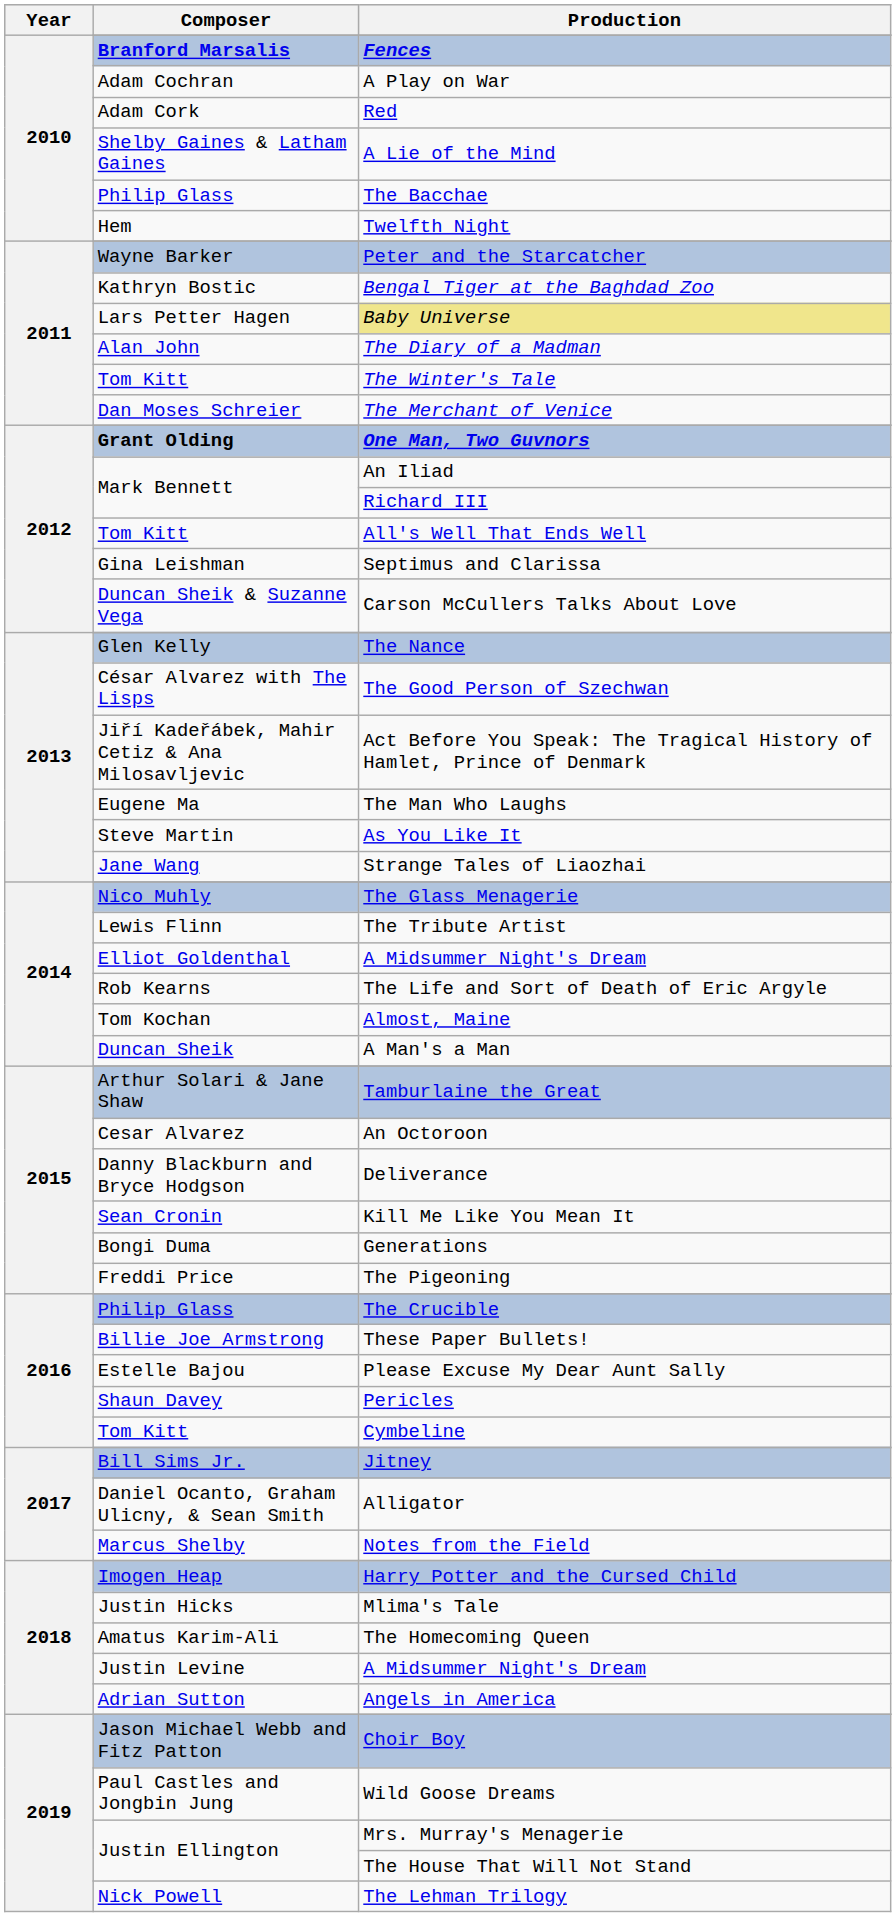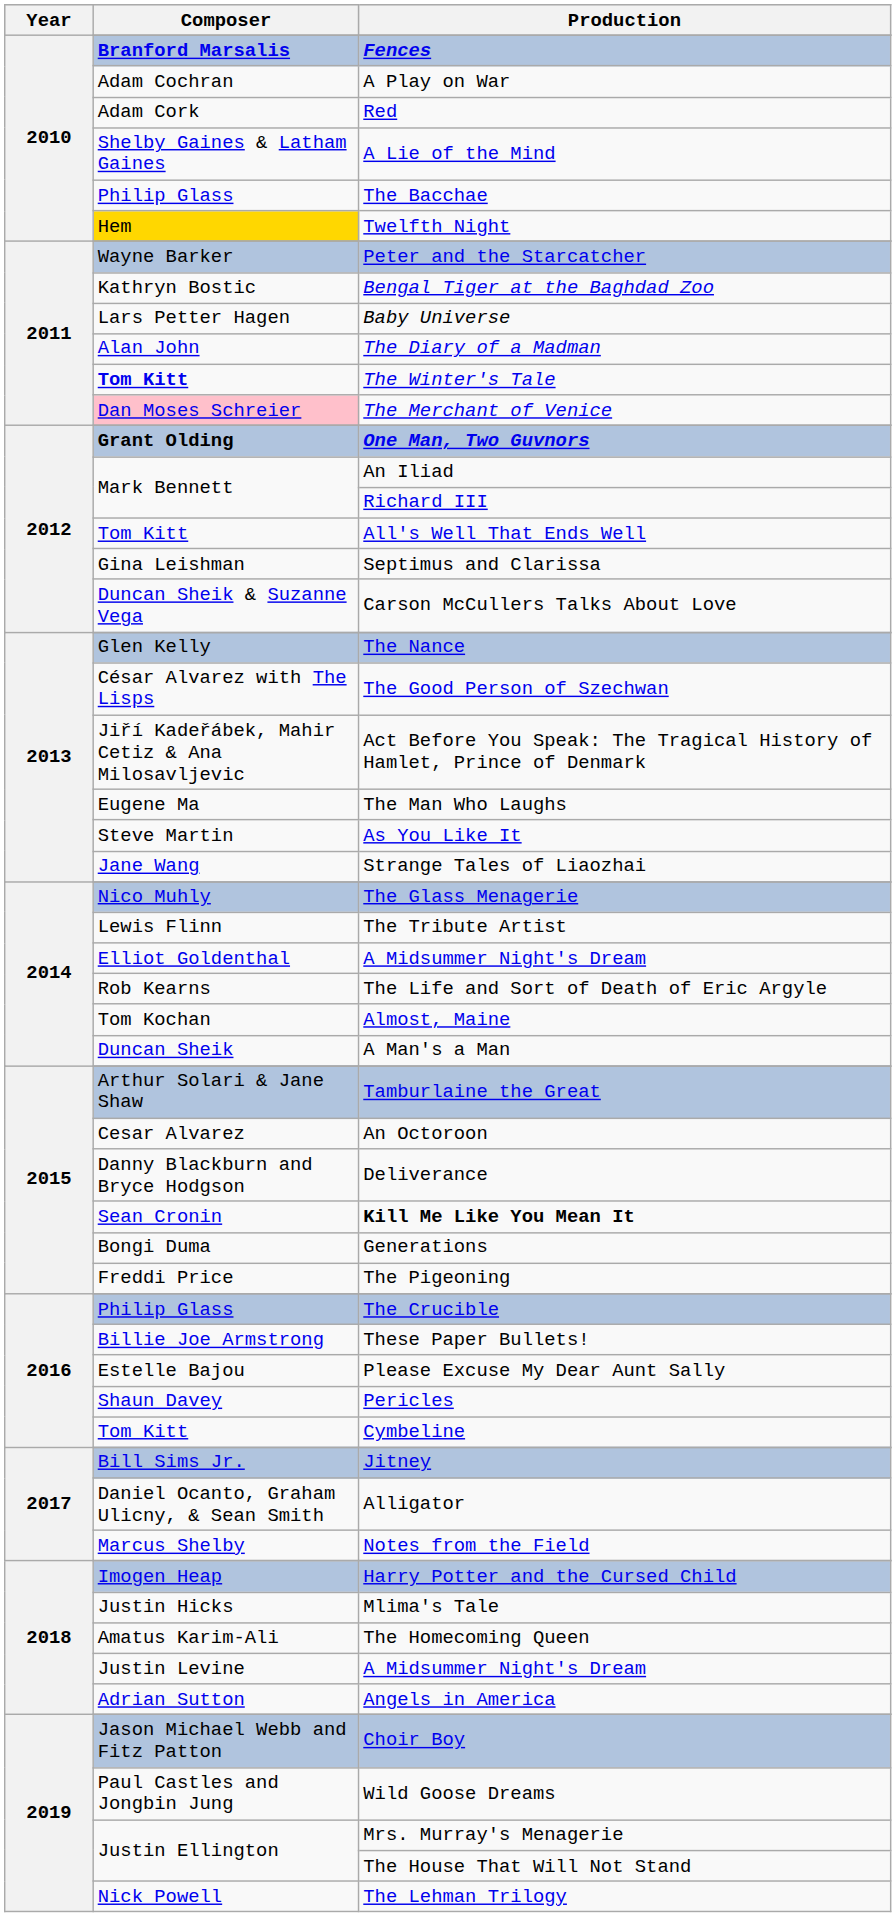 <table class="wikitable" style="width:98%;">
 <tr style="background:#bebebe;">
 <th style="width:10%;">Year</th>
 <th style="width:30%;">Composer</th>
 <th style="width:60%;">Production</th>
 </tr>
 <tr>
 <th rowspan="7">2010</th>
 </tr>
 <tr style="background:#B0C4DE">
 <td><strong><a href='#'>Branford Marsalis</a></strong></td>
 <td><strong><em><a href='#'>Fences</a><em> <strong></td>
 </tr>
 <tr>
 <td>Adam Cochran</td>
 <td></em>A Play on War<em></td>
 </tr>
 <tr>
 <td>Adam Cork</td>
 <td></em><a href='#'>Red</a><em></td>
 </tr>
 <tr>
 <td><a href='#'>Shelby Gaines</a> & <a href='#'>Latham Gaines</a></td>
 <td></em><a href='#'>A Lie of the Mind</a><em></td>
 </tr>
 <tr>
 <td><a href='#'>Philip Glass</a></td>
 <td></em><a href='#'>The Bacchae</a><em></td>
 </tr>
 <tr>
-<td>Hem</td>
+<td style="background: gold;">Hem</td>
 <td></em><a href='#'>Twelfth Night</a><em></td>
 </tr>
 <tr>
 <th rowspan="7">2011</th>
 </tr>
 <tr style="background:#B0C4DE">
 <td></strong>Wayne Barker<strong></td>
 <td></em></strong><a href='#'>Peter and the Starcatcher</a></em> </strong></td>
 </tr>
 <tr>
 <td>Kathryn Bostic</td>
 <td><em><a href='#'>Bengal Tiger at the Baghdad Zoo</a></em></td>
 </tr>
 <tr>
 <td>Lars Petter Hagen</td>
-<td style="background: khaki;"><em>Baby Universe</em></td>
+<td><em>Baby Universe</em></td>
 </tr>
 <tr>
 <td><a href='#'>Alan John</a></td>
 <td><em><a href='#'>The Diary of a Madman</a></em></td>
 </tr>
 <tr>
-<td><a href='#'>Tom Kitt</a></td>
+<td><strong><a href='#'>Tom Kitt</a></strong></td>
 <td><em><a href='#'>The Winter's Tale</a></em></td>
 </tr>
 <tr>
-<td><a href='#'>Dan Moses Schreier</a></td>
+<td style="background: pink;"><a href='#'>Dan Moses Schreier</a></td>
 <td><em><a href='#'>The Merchant of Venice</a></em></td>
 </tr>
 <tr>
 <th rowspan="7">2012</th>
 </tr>
 <tr style="background:#B0C4DE">
 <td><strong>Grant Olding</strong></td>
 <td><strong><em><a href='#'>One Man, Two Guvnors</a><em> <strong></td>
 </tr>
 <tr>
 <td rowspan="2">Mark Bennett</td>
 <td></em>An Iliad<em></td>
 </tr>
 <tr>
 <td></em><a href='#'>Richard III</a><em></td>
 </tr>
 <tr>
 <td><a href='#'>Tom Kitt</a></td>
 <td></em><a href='#'>All's Well That Ends Well</a><em></td>
 </tr>
 <tr>
 <td>Gina Leishman</td>
 <td></em>Septimus and Clarissa<em></td>
 </tr>
 <tr>
 <td><a href='#'>Duncan Sheik</a> & <a href='#'>Suzanne Vega</a></td>
 <td></em>Carson McCullers Talks About Love<em></td>
 </tr>
 <tr>
 <th rowspan="7">2013</th>
 </tr>
 <tr style="background:#B0C4DE">
 <td></strong>Glen Kelly<strong></td>
 <td></em></strong><a href='#'>The Nance</a><strong><em></td>
 </tr>
 <tr>
 <td>César Alvarez with <a href='#'>The Lisps</a></td>
 <td></em><a href='#'>The Good Person of Szechwan</a><em></td>
 </tr>
 <tr>
 <td>Jiří Kadeřábek, Mahir Cetiz & Ana Milosavljevic</td>
 <td></em>Act Before You Speak: The Tragical History of Hamlet, Prince of Denmark<em></td>
 </tr>
 <tr>
 <td>Eugene Ma</td>
 <td></em>The Man Who Laughs<em></td>
 </tr>
 <tr>
 <td>Steve Martin</td>
 <td></em><a href='#'>As You Like It</a><em></td>
 </tr>
 <tr>
 <td><a href='#'>Jane Wang</a></td>
 <td></em>Strange Tales of Liaozhai<em></td>
 </tr>
 <tr>
 <th rowspan="7">2014</th>
 </tr>
 <tr style="background:#B0C4DE">
 <td></strong><a href='#'>Nico Muhly</a><strong></td>
 <td></em></strong><a href='#'>The Glass Menagerie</a><strong><em></td>
 </tr>
 <tr>
 <td>Lewis Flinn</td>
 <td></em>The Tribute Artist<em></td>
 </tr>
 <tr>
 <td><a href='#'>Elliot Goldenthal</a></td>
 <td></em><a href='#'>A Midsummer Night's Dream</a><em></td>
 </tr>
 <tr>
 <td>Rob Kearns</td>
 <td></em>The Life and Sort of Death of Eric Argyle<em></td>
 </tr>
 <tr>
 <td>Tom Kochan</td>
 <td></em><a href='#'>Almost, Maine</a><em></td>
 </tr>
 <tr>
 <td><a href='#'>Duncan Sheik</a></td>
 <td></em>A Man's a Man<em></td>
 </tr>
 <tr>
 <th rowspan="7">2015</th>
 </tr>
 <tr style="background:#B0C4DE">
 <td></strong>Arthur Solari & Jane Shaw<strong></td>
 <td></em></strong><a href='#'>Tamburlaine the Great</a><strong><em></td>
 </tr>
 <tr>
 <td>Cesar Alvarez</td>
 <td></em>An Octoroon<em></td>
 </tr>
 <tr>
 <td>Danny Blackburn and Bryce Hodgson</td>
 <td></em>Deliverance<em></td>
 </tr>
 <tr>
 <td><a href='#'>Sean Cronin</a></td>
-<td></em>Kill Me Like You Mean It<em></td>
+<td><strong></em>Kill Me Like You Mean It<em></strong></td>
 </tr>
 <tr>
 <td>Bongi Duma</td>
 <td></em>Generations<em></td>
 </tr>
 <tr>
 <td>Freddi Price</td>
 <td></em>The Pigeoning<em></td>
 </tr>
 <tr>
 <th rowspan="6">2016</th>
 </tr>
 <tr style="background:#B0C4DE">
 <td></strong><a href='#'>Philip Glass</a><strong></td>
 <td></em></strong><a href='#'>The Crucible</a><strong><em></td>
 </tr>
 <tr>
 <td><a href='#'>Billie Joe Armstrong</a></td>
 <td></em>These Paper Bullets!<em></td>
 </tr>
 <tr>
 <td>Estelle Bajou</td>
 <td></em>Please Excuse My Dear Aunt Sally<em></td>
 </tr>
 <tr>
 <td><a href='#'>Shaun Davey</a></td>
 <td></em><a href='#'>Pericles</a><em></td>
 </tr>
 <tr>
 <td><a href='#'>Tom Kitt</a></td>
 <td></em><a href='#'>Cymbeline</a><em></td>
 </tr>
 <tr>
 <th rowspan="4">2017</th>
 </tr>
 <tr style="background:#B0C4DE">
 <td><a href='#'></strong>Bill Sims Jr.<strong></a></td>
 <td><a href='#'></em></strong>Jitney<strong><em></a></td>
 </tr>
 <tr>
 <td>Daniel Ocanto, Graham Ulicny, & Sean Smith</td>
 <td></em>Alligator<em></td>
 </tr>
 <tr>
 <td><a href='#'>Marcus Shelby</a></td>
 <td></em><a href='#'>Notes from the Field</a><em></td>
 </tr>
 <tr>
 <th rowspan="6">2018</th>
 </tr>
 <tr style="background:#B0C4DE">
 <td></strong><a href='#'>Imogen Heap</a><strong></td>
 <td></em></strong><a href='#'>Harry Potter and the Cursed Child</a><strong><em></td>
 </tr>
 <tr>
 <td>Justin Hicks</td>
 <td></em>Mlima's Tale<em></td>
 </tr>
 <tr>
 <td>Amatus Karim-Ali</td>
 <td></em>The Homecoming Queen<em></td>
 </tr>
 <tr>
 <td>Justin Levine</td>
 <td></em><a href='#'>A Midsummer Night's Dream</a><em></td>
 </tr>
 <tr>
 <td><a href='#'>Adrian Sutton</a></td>
 <td></em><a href='#'>Angels in America</a><em></td>
 </tr>
 <tr>
 <th rowspan="6">2019</th>
 </tr>
 <tr style="background:#B0C4DE">
 <td></strong>Jason Michael Webb and Fitz Patton<strong></td>
 <td></em></strong><a href='#'>Choir Boy</a><strong><em></td>
 </tr>
 <tr>
 <td>Paul Castles and Jongbin Jung</td>
 <td></em>Wild Goose Dreams<em></td>
 </tr>
 <tr>
 <td rowspan="2">Justin Ellington</td>
 <td></em>Mrs. Murray's Menagerie<em></td>
 </tr>
 <tr>
 <td></em>The House That Will Not Stand<em></td>
 </tr>
 <tr>
 <td><a href='#'>Nick Powell</a></td>
 <td></em><a href='#'>The Lehman Trilogy</a><em></td>
 </tr>
 </table>
